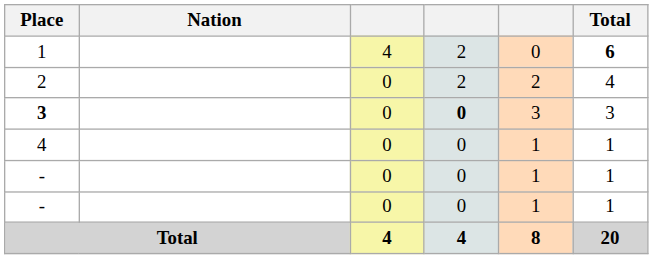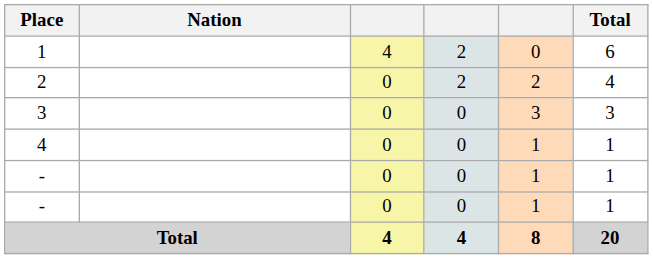 <table class=wikitable style="border:1px solid #AAAAAA;font-size:90%">
 <tr bgcolor="#EFEFEF">
 <th width=50>Place</th>
 <th width=200>Nation</th>
 <th width=50></th>
 <th width=50></th>
 <th width=50></th>
 <th width=50>Total</th>
 </tr>
 <tr align="center" valign="top" bgcolor="#FFFFFF">
 <td>1</td>
 <td align="left"></td>
 <td style="background:#F7F6A8;">4</td>
 <td style="background:#DCE5E5;">2</td>
 <td style="background:#FFDAB9;">0</td>
-<td><strong>6</strong></td>
+<td>6</td>
 </tr>
 <tr align="center" valign="top" bgcolor="#FFFFFF">
 <td>2</td>
 <td align="left"></td>
 <td style="background:#F7F6A8;">0</td>
 <td style="background:#DCE5E5;">2</td>
 <td style="background:#FFDAB9;">2</td>
 <td>4</td>
 </tr>
 <tr align="center" valign="top" bgcolor="#FFFFFF">
-<td><strong>3</strong></td>
+<td>3</td>
 <td align="left"></td>
 <td style="background:#F7F6A8;">0</td>
-<td style="background:#DCE5E5;"><strong>0</strong></td>
+<td style="background:#DCE5E5;">0</td>
 <td style="background:#FFDAB9;">3</td>
 <td>3</td>
 </tr>
 <tr align="center" valign="top" bgcolor="#FFFFFF">
 <td>4</td>
 <td align="left"></td>
 <td style="background:#F7F6A8;">0</td>
 <td style="background:#DCE5E5;">0</td>
 <td style="background:#FFDAB9;">1</td>
 <td>1</td>
 </tr>
 <tr align="center" valign="top" bgcolor="#FFFFFF">
 <td>-</td>
 <td align="left"></td>
 <td style="background:#F7F6A8;">0</td>
 <td style="background:#DCE5E5;">0</td>
 <td style="background:#FFDAB9;">1</td>
 <td>1</td>
 </tr>
 <tr align="center" valign="top" bgcolor="#FFFFFF">
 <td>-</td>
 <td align="left"></td>
 <td style="background:#F7F6A8;">0</td>
 <td style="background:#DCE5E5;">0</td>
 <td style="background:#FFDAB9;">1</td>
 <td>1</td>
 </tr>
 <tr align="center">
 <td colspan="2" bgcolor=D3D3D3><strong>Total</strong></td>
 <td style="background:#F7F6A8;"><strong>4</strong></td>
 <td style="background:#DCE5E5;"><strong>4</strong></td>
 <td style="background:#FFDAB9;"><strong>8</strong></td>
 <td bgcolor=D3D3D3><strong>20</strong></td>
 </tr>
 </table>
